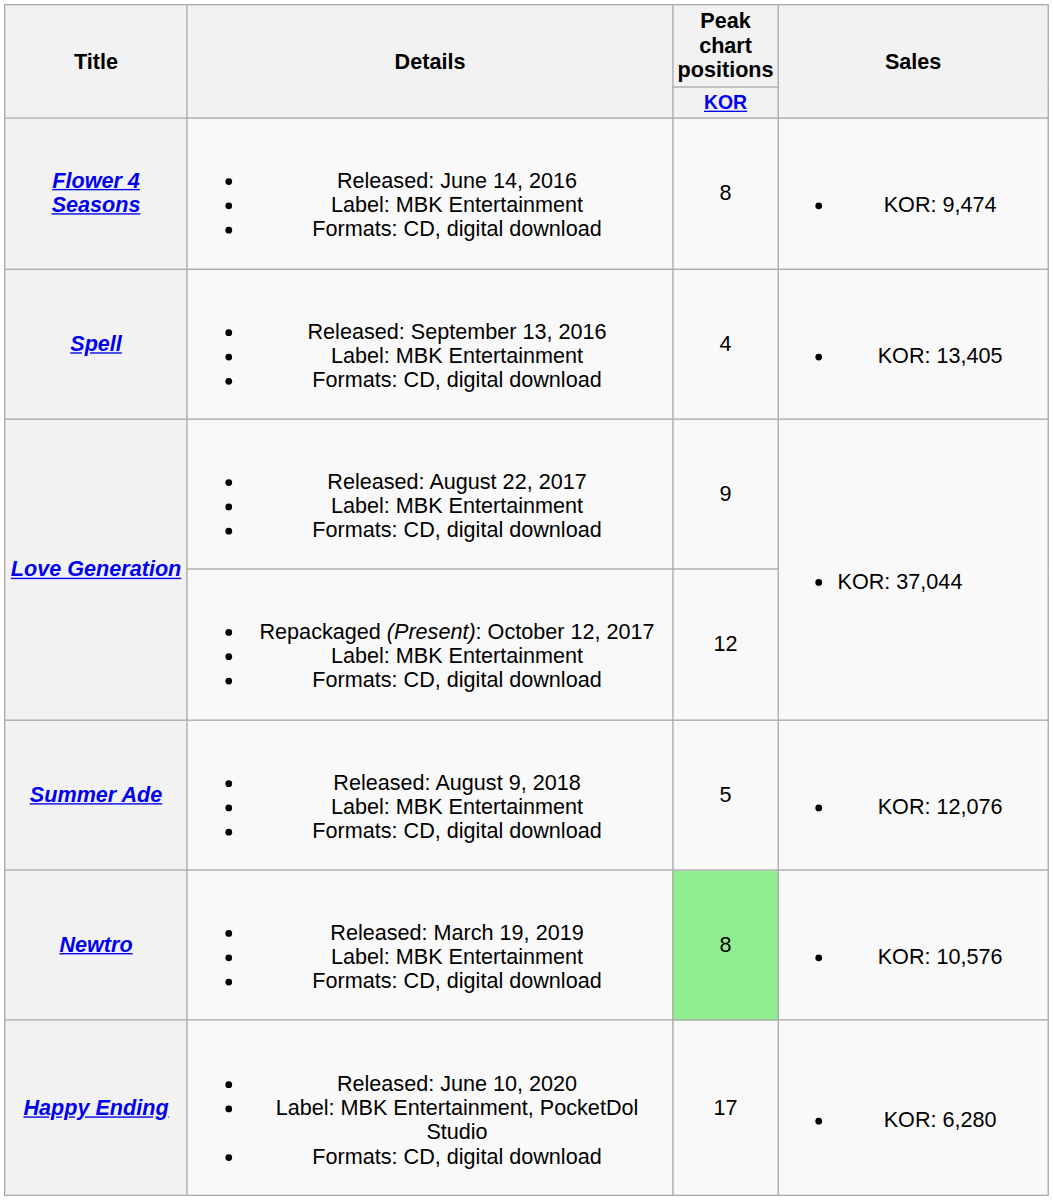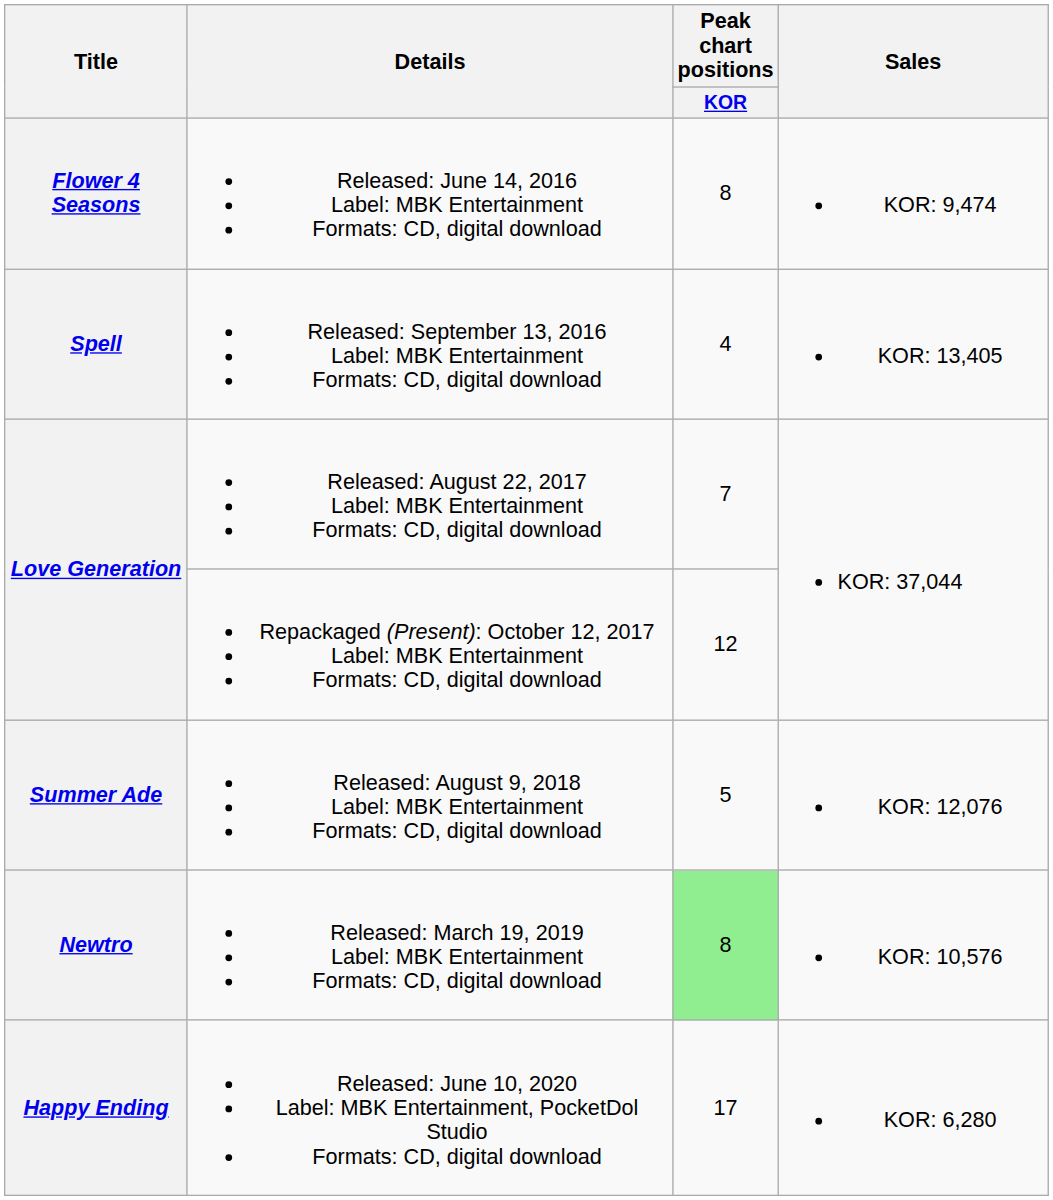 <table class="wikitable plainrowheaders" style="text-align:center;">
 <tr>
 <th scope="col" rowspan="2" style="width:8em;">Title</th>
 <th scope="col" rowspan="2" style="width:22em;">Details</th>
 <th scope="col">Peak chart positions</th>
 <th scope="col" rowspan="2" style="width:12em;">Sales</th>
 </tr>
 <tr>
 <th scope="col" style="width:3em;font-size:90%;"><a href='#'>KOR</a><br></th>
 </tr>
 <tr>
 <th scope="row"><em><a href='#'>Flower 4 Seasons</a></em></th>
 <td><br><ul><li>Released: June 14, 2016</li><li>Label: MBK Entertainment</li><li>Formats: CD, digital download</li></ul></td>
 <td>8</td>
 <td><br><ul><li>KOR: 9,474</li></ul></td>
 </tr>
 <tr>
 <th scope="row"><em><a href='#'>Spell</a></em></th>
 <td><br><ul><li>Released: September 13, 2016</li><li>Label: MBK Entertainment</li><li>Formats: CD, digital download</li></ul></td>
 <td>4</td>
 <td><br><ul><li>KOR: 13,405</li></ul></td>
 </tr>
 <tr>
 <th scope="row" rowspan="2"><em><a href='#'>Love Generation</a></em></th>
 <td><br><ul><li>Released: August 22, 2017</li><li>Label: MBK Entertainment</li><li>Formats: CD, digital download</li></ul></td>
-<td>9</td>
+<td>7</td>
 <td style="text-align:left;" rowspan=2><br><ul><li>KOR: 37,044</li></ul></td>
 </tr>
 <tr>
 <td><br><ul><li>Repackaged <em>(Present)</em>: October 12, 2017</li><li>Label: MBK Entertainment</li><li>Formats: CD, digital download</li></ul></td>
 <td>12</td>
 </tr>
 <tr>
 <th scope="row"><em><a href='#'>Summer Ade</a></em></th>
 <td><br><ul><li>Released: August 9, 2018</li><li>Label: MBK Entertainment</li><li>Formats: CD, digital download</li></ul></td>
 <td>5</td>
 <td><br><ul><li>KOR: 12,076</li></ul></td>
 </tr>
 <tr>
 <th scope="row"><em><a href='#'>Newtro</a></em></th>
 <td><br><ul><li>Released: March 19, 2019</li><li>Label: MBK Entertainment</li><li>Formats: CD, digital download</li></ul></td>
 <td style="background: lightgreen;">8</td>
 <td><br><ul><li>KOR: 10,576</li></ul></td>
 </tr>
 <tr>
 <th scope="row"><em><a href='#'>Happy Ending</a></em></th>
 <td><br><ul><li>Released: June 10, 2020</li><li>Label: MBK Entertainment, PocketDol Studio</li><li>Formats: CD, digital download</li></ul></td>
 <td>17</td>
 <td><br><ul><li>KOR: 6,280</li></ul></td>
 </tr>
 </table>
